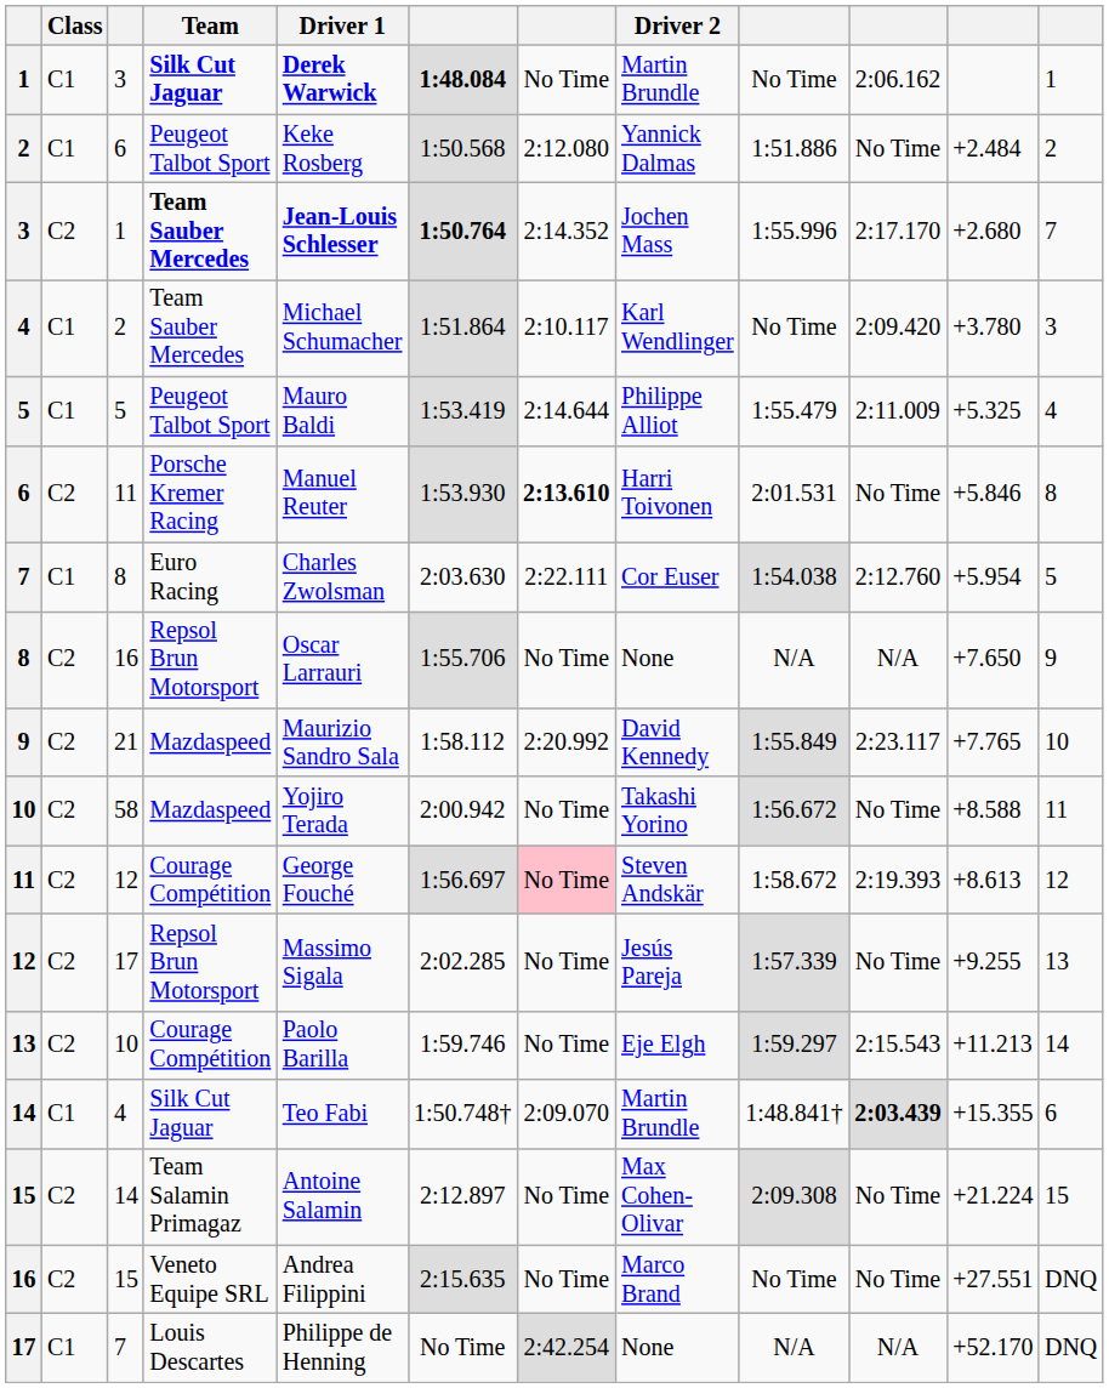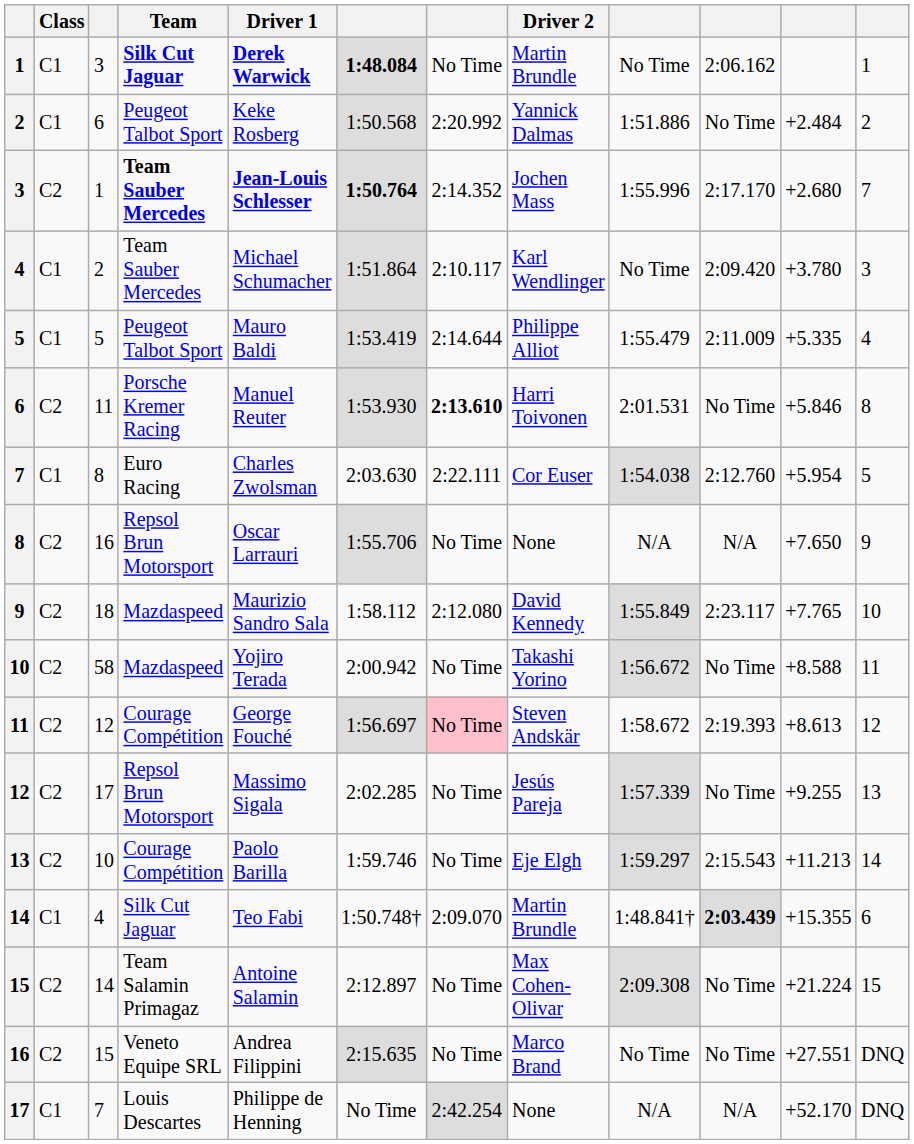 <table class="wikitable sortable" style="font-size: 85%;">
 <tr>
 <th scope=col></th>
 <th scope=col>Class</th>
 <th scope=col></th>
 <th scope=col>Team</th>
 <th scope=col>Driver 1</th>
 <th scope=col></th>
 <th></th>
 <th scope=col>Driver 2</th>
 <th scope=col></th>
 <th></th>
 <th scope=col></th>
 <th scope=col></th>
 </tr>
 <tr>
 <th>1</th>
 <td>C1</td>
 <td>3</td>
 <td><strong> <a href='#'>Silk Cut</a> <a href='#'>Jaguar</a></strong></td>
 <td><strong> <a href='#'>Derek Warwick</a></strong></td>
 <td align="center" style="background:#ddd;"><strong>1:48.084</strong></td>
 <td align="center">No Time</td>
 <td> <a href='#'>Martin Brundle</a></td>
 <td align="center">No Time</td>
 <td align="center">2:06.162</td>
 <td></td>
 <td>1</td>
 </tr>
 <tr>
 <th>2</th>
 <td>C1</td>
 <td>6</td>
 <td> <a href='#'>Peugeot Talbot Sport</a></td>
 <td> <a href='#'>Keke Rosberg</a></td>
 <td align="center" style="background:#ddd;">1:50.568</td>
-<td align="center">2:12.080</td>
+<td align="center">2:20.992</td>
 <td> <a href='#'>Yannick Dalmas</a></td>
 <td align="center">1:51.886</td>
 <td align="center">No Time</td>
 <td>+2.484</td>
 <td>2</td>
 </tr>
 <tr>
 <th>3</th>
 <td>C2</td>
 <td>1</td>
 <td><strong> Team <a href='#'>Sauber</a> <a href='#'>Mercedes</a></strong></td>
 <td><strong> <a href='#'>Jean-Louis Schlesser</a></strong></td>
 <td align="center" style="background:#ddd;"><strong>1:50.764</strong></td>
 <td align="center">2:14.352</td>
 <td> <a href='#'>Jochen Mass</a></td>
 <td align="center">1:55.996</td>
 <td align="center">2:17.170</td>
 <td>+2.680</td>
 <td>7</td>
 </tr>
 <tr>
 <th>4</th>
 <td>C1</td>
 <td>2</td>
 <td> Team <a href='#'>Sauber</a> <a href='#'>Mercedes</a></td>
 <td> <a href='#'>Michael Schumacher</a></td>
 <td align="center" style="background:#ddd;">1:51.864</td>
 <td align="center">2:10.117</td>
 <td> <a href='#'>Karl Wendlinger</a></td>
 <td align="center">No Time</td>
 <td align="center">2:09.420</td>
 <td>+3.780</td>
 <td>3</td>
 </tr>
 <tr>
 <th>5</th>
 <td>C1</td>
 <td>5</td>
 <td> <a href='#'>Peugeot Talbot Sport</a></td>
 <td> <a href='#'>Mauro Baldi</a></td>
 <td align="center" style="background:#ddd;">1:53.419</td>
 <td align="center">2:14.644</td>
 <td> <a href='#'>Philippe Alliot</a></td>
 <td align="center">1:55.479</td>
 <td align="center">2:11.009</td>
-<td>+5.325</td>
+<td>+5.335</td>
 <td>4</td>
 </tr>
 <tr>
 <th>6</th>
 <td>C2</td>
 <td>11</td>
 <td> <a href='#'>Porsche</a> <a href='#'>Kremer Racing</a></td>
 <td> <a href='#'>Manuel Reuter</a></td>
 <td align="center" style="background:#ddd;">1:53.930</td>
 <td align="center"><strong>2:13.610</strong></td>
 <td> <a href='#'>Harri Toivonen</a></td>
 <td align="center">2:01.531</td>
 <td align="center">No Time</td>
 <td>+5.846</td>
 <td>8</td>
 </tr>
 <tr>
 <th>7</th>
 <td>C1</td>
 <td>8</td>
 <td> Euro Racing</td>
 <td> <a href='#'>Charles Zwolsman</a></td>
 <td align="center">2:03.630</td>
 <td align="center">2:22.111</td>
 <td> <a href='#'>Cor Euser</a></td>
 <td align="center" style="background:#ddd;">1:54.038</td>
 <td align="center">2:12.760</td>
 <td>+5.954</td>
 <td>5</td>
 </tr>
 <tr>
 <th>8</th>
 <td>C2</td>
 <td>16</td>
 <td> <a href='#'>Repsol</a> <a href='#'>Brun Motorsport</a></td>
 <td> <a href='#'>Oscar Larrauri</a></td>
 <td align="center" style="background:#ddd;">1:55.706</td>
 <td align="center">No Time</td>
 <td>None</td>
 <td align="center">N/A</td>
 <td align="center">N/A</td>
 <td>+7.650</td>
 <td>9</td>
 </tr>
 <tr>
 <th>9</th>
 <td>C2</td>
-<td>21</td>
+<td>18</td>
 <td> <a href='#'>Mazdaspeed</a></td>
 <td> <a href='#'>Maurizio Sandro Sala</a></td>
 <td align="center">1:58.112</td>
-<td align="center">2:20.992</td>
+<td align="center">2:12.080</td>
 <td> <a href='#'>David Kennedy</a></td>
 <td align="center" style="background:#ddd;">1:55.849</td>
 <td align="center">2:23.117</td>
 <td>+7.765</td>
 <td>10</td>
 </tr>
 <tr>
 <th>10</th>
 <td>C2</td>
 <td>58</td>
 <td> <a href='#'>Mazdaspeed</a></td>
 <td> <a href='#'>Yojiro Terada</a></td>
 <td align="center">2:00.942</td>
 <td align="center">No Time</td>
 <td> <a href='#'>Takashi Yorino</a></td>
 <td align="center" style="background:#ddd;">1:56.672</td>
 <td align="center">No Time</td>
 <td>+8.588</td>
 <td>11</td>
 </tr>
 <tr>
 <th>11</th>
 <td>C2</td>
 <td>12</td>
 <td> <a href='#'>Courage Compétition</a></td>
 <td> <a href='#'>George Fouché</a></td>
 <td align="center" style="background:#ddd;">1:56.697</td>
 <td align="center" style="background: pink;">No Time</td>
 <td> <a href='#'>Steven Andskär</a></td>
 <td align="center">1:58.672</td>
 <td align="center">2:19.393</td>
 <td>+8.613</td>
 <td>12</td>
 </tr>
 <tr>
 <th>12</th>
 <td>C2</td>
 <td>17</td>
 <td> <a href='#'>Repsol</a> <a href='#'>Brun Motorsport</a></td>
 <td> <a href='#'>Massimo Sigala</a></td>
 <td align="center">2:02.285</td>
 <td align="center">No Time</td>
 <td> <a href='#'>Jesús Pareja</a></td>
 <td align="center" style="background:#ddd;">1:57.339</td>
 <td align="center">No Time</td>
 <td>+9.255</td>
 <td>13</td>
 </tr>
 <tr>
 <th>13</th>
 <td>C2</td>
 <td>10</td>
 <td> <a href='#'>Courage Compétition</a></td>
 <td> <a href='#'>Paolo Barilla</a></td>
 <td align="center">1:59.746</td>
 <td align="center">No Time</td>
 <td> <a href='#'>Eje Elgh</a></td>
 <td align="center" style="background:#ddd;">1:59.297</td>
 <td align="center">2:15.543</td>
 <td>+11.213</td>
 <td>14</td>
 </tr>
 <tr>
 <th>14</th>
 <td>C1</td>
 <td>4</td>
 <td> <a href='#'>Silk Cut</a> <a href='#'>Jaguar</a></td>
 <td> <a href='#'>Teo Fabi</a></td>
 <td align="center">1:50.748†</td>
 <td align="center">2:09.070</td>
 <td> <a href='#'>Martin Brundle</a></td>
 <td align="center">1:48.841†</td>
 <td align="center" style="background:#ddd;"><strong>2:03.439</strong></td>
 <td>+15.355</td>
 <td>6</td>
 </tr>
 <tr>
 <th>15</th>
 <td>C2</td>
 <td>14</td>
 <td> Team Salamin Primagaz</td>
 <td> <a href='#'>Antoine Salamin</a></td>
 <td align="center">2:12.897</td>
 <td align="center">No Time</td>
 <td> <a href='#'>Max Cohen-Olivar</a></td>
 <td align="center" style="background:#ddd;">2:09.308</td>
 <td align="center">No Time</td>
 <td>+21.224</td>
 <td>15</td>
 </tr>
 <tr>
 <th>16</th>
 <td>C2</td>
 <td>15</td>
 <td> Veneto Equipe SRL</td>
 <td> Andrea Filippini</td>
 <td align="center" style="background:#ddd;">2:15.635</td>
 <td align="center">No Time</td>
 <td> <a href='#'>Marco Brand</a></td>
 <td align="center">No Time</td>
 <td align="center">No Time</td>
 <td>+27.551</td>
 <td>DNQ</td>
 </tr>
 <tr>
 <th>17</th>
 <td>C1</td>
 <td>7</td>
 <td> Louis Descartes</td>
 <td> Philippe de Henning</td>
 <td align="center">No Time</td>
 <td align="center" style="background:#ddd;">2:42.254</td>
 <td>None</td>
 <td align="center">N/A</td>
 <td align="center">N/A</td>
 <td>+52.170</td>
 <td>DNQ</td>
 </tr>
 </table>
